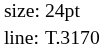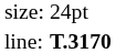 <table style="margin-left:40px;">
 <tr>
 <td>size:</td>
 <td>24pt</td>
 </tr>
 <tr>
 <td>line:</td>
-<td>T.3170</td>
+<td><strong>T.3170</strong></td>
 </tr>
 </table>
